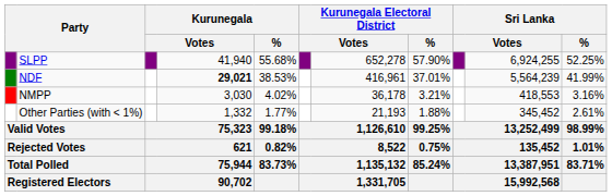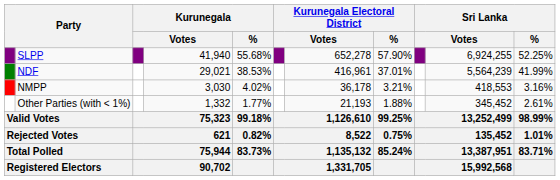 <table class="wikitable">
 <tr>
 <th colspan="2" width="144px"rowspan="2">Party</th>
 <th colspan="3" width="216px">Kurunegala</th>
 <th colspan="3" width="216px"><a href='#'>Kurunegala Electoral District</a></th>
 <th colspan="3" width="216px">Sri Lanka</th>
 </tr>
 <tr>
 <th colspan="2" width="144px">Votes</th>
 <th>%</th>
 <th colspan="2" width="144px">Votes</th>
 <th>%</th>
 <th colspan="2" width="144px">Votes</th>
 <th>%</th>
 </tr>
 <tr>
 <td style="background-color:purple;" width="10px"></td>
 <td style="text-align:left;"><a href='#'>SLPP</a></td>
 <td style="background-color:purple;" width="10px"></td>
 <td style="text-align:right;">41,940</td>
 <td style="text-align:right;">55.68%</td>
 <td style="background-color:purple;" width="10px"></td>
 <td style="text-align:right;">652,278</td>
 <td style="text-align:right;">57.90%</td>
 <td style="background-color:purple;" width="10px"></td>
 <td style="text-align:right;">6,924,255</td>
 <td style="text-align:right;">52.25%</td>
 </tr>
 <tr>
 <td style="background-color:green;" width="10px"></td>
 <td style="text-align:left;"><a href='#'>NDF</a></td>
 <td style="background-color:white;" width="10px"></td>
-<td style="text-align:right;"><strong>29,021</strong></td>
+<td style="text-align:right;">29,021</td>
 <td style="text-align:right;">38.53%</td>
 <td style="background-color:white;" width="10px"></td>
 <td style="text-align:right;">416,961</td>
 <td style="text-align:right;">37.01%</td>
 <td style="background-color:white;" width="10px"></td>
 <td style="text-align:right;">5,564,239</td>
 <td style="text-align:right;">41.99%</td>
 </tr>
 <tr>
 <td style="background-color:red;" width="10px"></td>
 <td style="text-align:left;">NMPP</td>
 <td style="background-color:white;" width="10px"></td>
 <td style="text-align:right;">3,030</td>
 <td style="text-align:right;">4.02%</td>
 <td style="background-color:white;" width="10px"></td>
 <td style="text-align:right;">36,178</td>
 <td style="text-align:right;">3.21%</td>
 <td style="background-color:white;" width="10px"></td>
 <td style="text-align:right;">418,553</td>
 <td style="text-align:right;">3.16%</td>
 </tr>
 <tr>
 <td style="background-color:white;" width="10px"></td>
 <td style="text-align:left;">Other Parties (with < 1%)</td>
 <td style="background-color:white;" width="10px"></td>
 <td style="text-align:right;">1,332</td>
 <td style="text-align:right;">1.77%</td>
 <td style="background-color:white;" width="10px"></td>
 <td style="text-align:right;">21,193</td>
 <td style="text-align:right;">1.88%</td>
 <td style="background-color:white;" width="10px"></td>
 <td style="text-align:right;">345,452</td>
 <td style="text-align:right;">2.61%</td>
 </tr>
 <tr>
 <th colspan="2" width="144px"style="text-align:left;">Valid Votes</th>
 <th style="text-align:right;"colspan="2" width="144px">75,323</th>
 <th style="text-align:right;">99.18%</th>
 <th style="text-align:right;"colspan="2" width="144px">1,126,610</th>
 <th style="text-align:right;">99.25%</th>
 <th style="text-align:right;"colspan="2" width="144px">13,252,499</th>
 <th style="text-align:right;">98.99%</th>
 </tr>
 <tr>
 <th colspan="2" width="144px"style="text-align:left;">Rejected Votes</th>
 <th style="text-align:right;"colspan="2" width="144px">621</th>
 <th style="text-align:right;">0.82%</th>
 <th style="text-align:right;"colspan="2" width="144px">8,522</th>
 <th style="text-align:right;">0.75%</th>
 <th style="text-align:right;"colspan="2" width="144px">135,452</th>
 <th style="text-align:right;">1.01%</th>
 </tr>
 <tr>
 <th colspan="2" width="144px"style="text-align:left;">Total Polled</th>
 <th style="text-align:right;"colspan="2" width="144px">75,944</th>
 <th style="text-align:right;">83.73%</th>
 <th style="text-align:right;"colspan="2" width="144px">1,135,132</th>
 <th style="text-align:right;">85.24%</th>
 <th style="text-align:right;"colspan="2" width="144px">13,387,951</th>
 <th style="text-align:right;">83.71%</th>
 </tr>
 <tr>
 <th colspan="2" width="144px"style="text-align:left;">Registered Electors</th>
 <th style="text-align:right;"colspan="2" width="144px">90,702</th>
 <th></th>
 <th style="text-align:right;"colspan="2" width="144px">1,331,705</th>
 <th></th>
 <th style="text-align:right;"colspan="2" width="144px">15,992,568</th>
 <th></th>
 </tr>
 </table>
